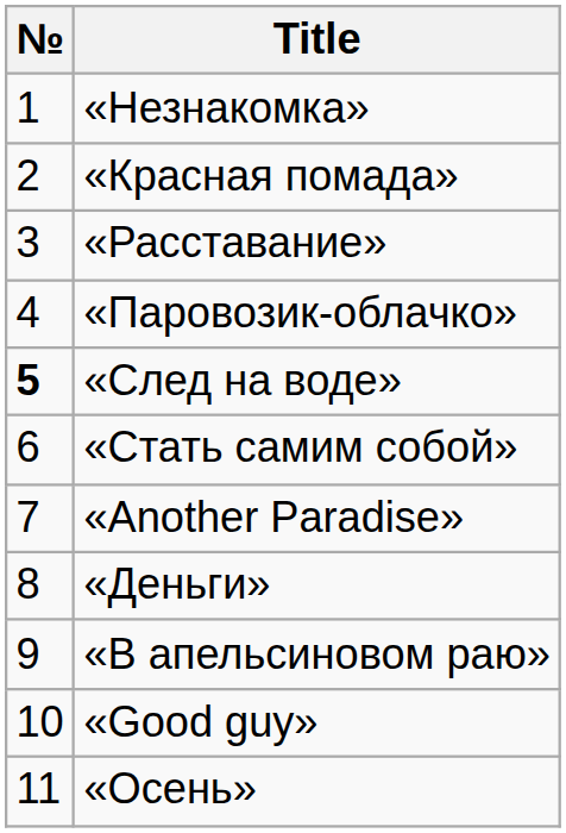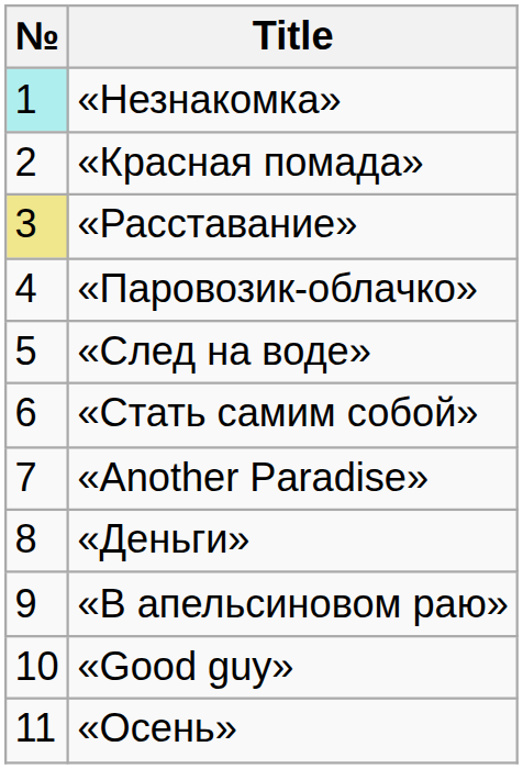 <table class="wikitable">
 <tr>
 <th>№</th>
 <th>Title</th>
 </tr>
 <tr>
-<td>1</td>
+<td style="background: paleturquoise;">1</td>
 <td>«Незнакомка»</td>
 </tr>
 <tr>
 <td>2</td>
 <td>«Красная помада»</td>
 </tr>
 <tr>
-<td>3</td>
+<td style="background: khaki;">3</td>
 <td>«Расставание»</td>
 </tr>
 <tr>
 <td>4</td>
 <td>«Паровозик-облачко»</td>
 </tr>
 <tr>
-<td><strong>5</strong></td>
+<td>5</td>
 <td>«След на воде»</td>
 </tr>
 <tr>
 <td>6</td>
 <td>«Стать самим собой»</td>
 </tr>
 <tr>
 <td>7</td>
 <td>«Another Paradise»</td>
 </tr>
 <tr>
 <td>8</td>
 <td>«Деньги»</td>
 </tr>
 <tr>
 <td>9</td>
 <td>«В апельсиновом раю»</td>
 </tr>
 <tr>
 <td>10</td>
 <td>«Good guy»</td>
 </tr>
 <tr>
 <td>11</td>
 <td>«Осень»</td>
 </tr>
 </table>
